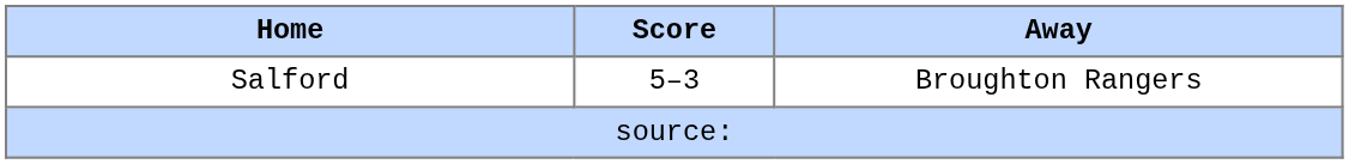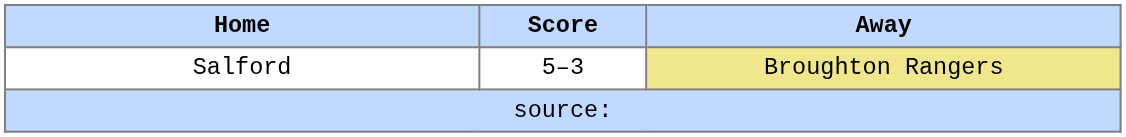 <table border=1 style="border-collapse:collapse; font-size:90%; text-align:center;" cellpadding=3 cellspacing=0 width=44%>
 <tr bgcolor=#C1D8FF>
 <th width=19%>Home</th>
 <th width=6%>Score</th>
 <th width=19%>Away</th>
 </tr>
 <tr>
 <td>Salford</td>
 <td>5–3</td>
-<td>Broughton Rangers</td>
+<td style="background: khaki;">Broughton Rangers</td>
 </tr>
 <tr bgcolor=#C1D8FF>
 <td colspan=3>source:</td>
 </tr>
 </table>
